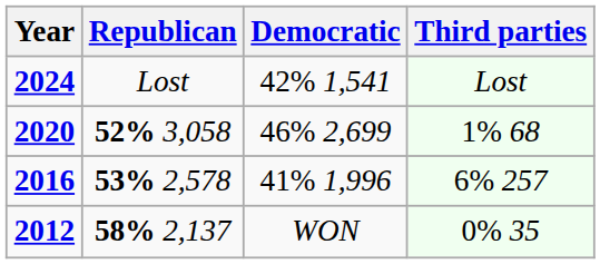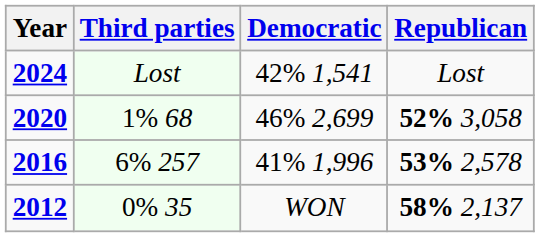 <table class="wikitable" style="float:right; margin: 1em 1em 1em 0; font-size: 95%;">
 <tr>
 <th>Year</th>
+<th><a href='#'>Third parties</a></th>
+<th><a href='#'>Democratic</a></th>
 <th><a href='#'>Republican</a></th>
-<th><a href='#'>Democratic</a></th>
-<th><a href='#'>Third parties</a></th>
 </tr>
 <tr>
 <td style="text-align:center; "><strong><a href='#'>2024</a></strong></td>
+<td style="text-align:center; background:honeyDew;"><em>Lost</em></td>
+<td style="text-align:center; ">42% <em>1,541</em></td>
 <td style="text-align:center; "><em>Lost</em></td>
-<td style="text-align:center; ">42% <em>1,541</em></td>
-<td style="text-align:center; background:honeyDew;"><em>Lost</em></td>
 </tr>
 <tr>
 <td style="text-align:center; "><strong><a href='#'>2020</a></strong></td>
+<td style="text-align:center; background:honeyDew;">1% <em>68</em></td>
+<td style="text-align:center; ">46% <em>2,699</em></td>
 <td style="text-align:center; "><strong>52%</strong> <em>3,058</em></td>
-<td style="text-align:center; ">46% <em>2,699</em></td>
-<td style="text-align:center; background:honeyDew;">1% <em>68</em></td>
 </tr>
 <tr>
 <td style="text-align:center; "><strong><a href='#'>2016</a></strong></td>
+<td style="text-align:center; background:honeyDew;">6% <em>257</em></td>
+<td style="text-align:center; ">41% <em>1,996</em></td>
 <td style="text-align:center; "><strong>53%</strong> <em>2,578</em></td>
-<td style="text-align:center; ">41% <em>1,996</em></td>
-<td style="text-align:center; background:honeyDew;">6% <em>257</em></td>
 </tr>
 <tr>
 <td style="text-align:center; "><strong><a href='#'>2012</a></strong></td>
+<td style="text-align:center; background:honeyDew;">0% <em>35</em></td>
+<td style="text-align:center; "><em>WON</em></td>
 <td style="text-align:center; "><strong>58%</strong> <em>2,137</em></td>
-<td style="text-align:center; "><em>WON</em></td>
-<td style="text-align:center; background:honeyDew;">0% <em>35</em></td>
 </tr>
 </table>
